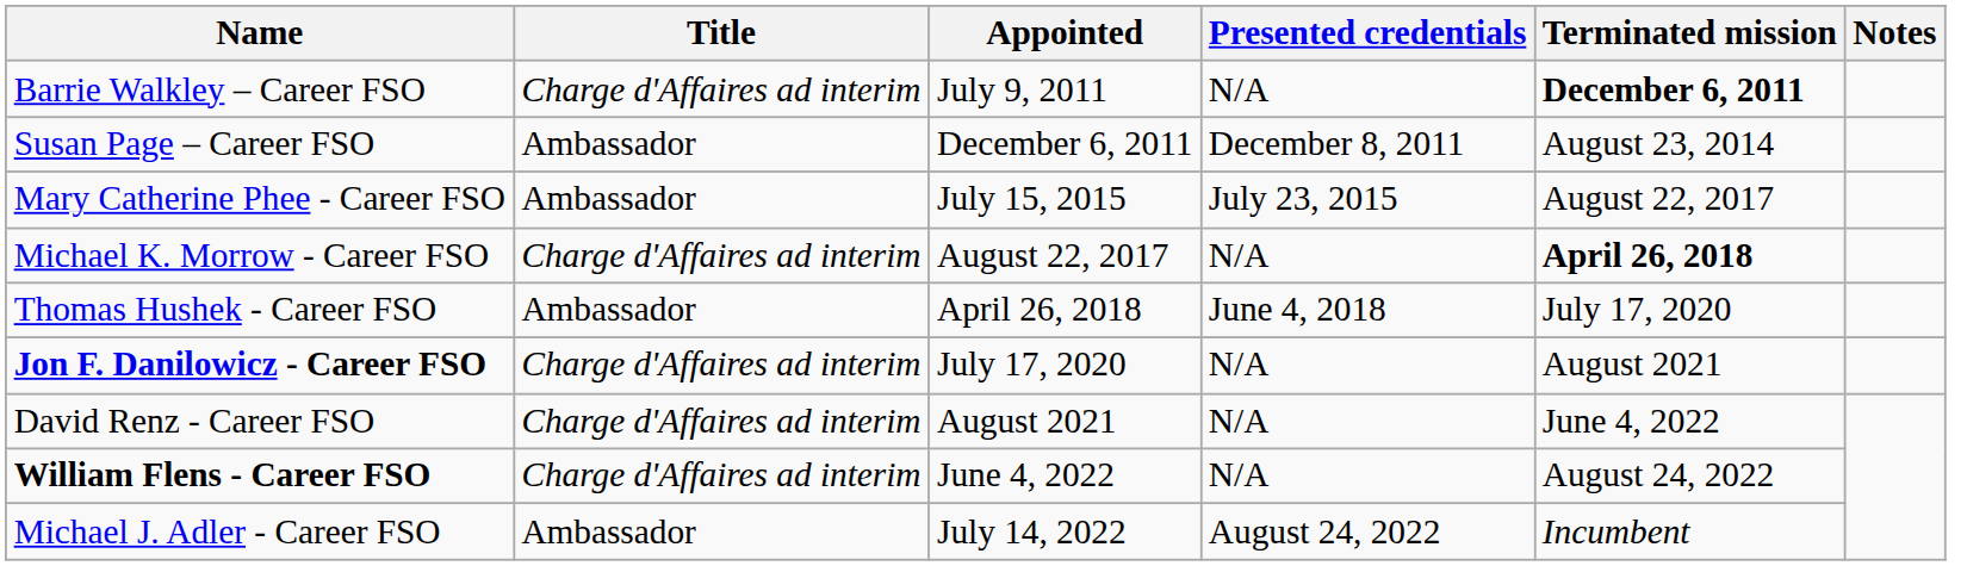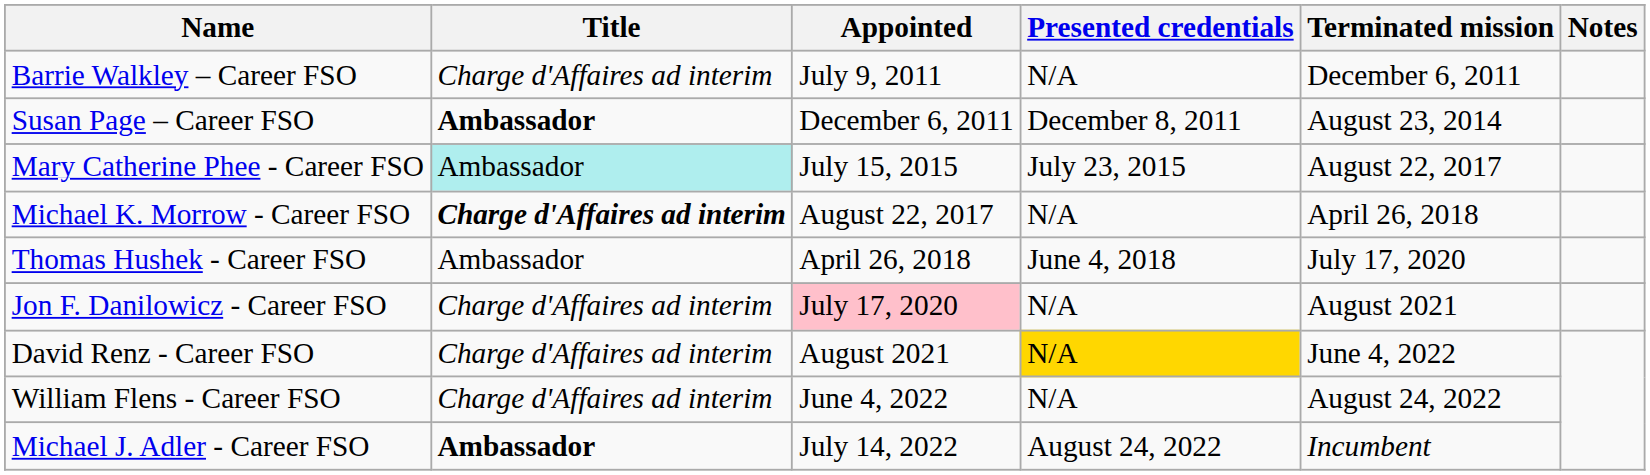 <table class="wikitable">
 <tr>
 <th>Name</th>
 <th>Title</th>
 <th>Appointed</th>
 <th><a href='#'>Presented credentials</a></th>
 <th>Terminated mission</th>
 <th>Notes</th>
 </tr>
 <tr>
 <td><a href='#'>Barrie Walkley</a> – Career FSO</td>
 <td><em>Charge d'Affaires ad interim</em></td>
 <td>July 9, 2011</td>
 <td>N/A</td>
-<td><strong>December 6, 2011</strong></td>
+<td>December 6, 2011</td>
 <td></td>
 </tr>
 <tr>
 <td><a href='#'>Susan Page</a> – Career FSO</td>
-<td>Ambassador</td>
+<td><strong>Ambassador</strong></td>
 <td>December 6, 2011</td>
 <td>December 8, 2011</td>
 <td>August 23, 2014</td>
 <td></td>
 </tr>
 <tr>
 <td><a href='#'>Mary Catherine Phee</a> - Career FSO</td>
-<td>Ambassador</td>
+<td style="background: paleturquoise;">Ambassador</td>
 <td>July 15, 2015</td>
 <td>July 23, 2015</td>
 <td>August 22, 2017</td>
 <td></td>
 </tr>
 <tr>
 <td><a href='#'>Michael K. Morrow</a> - Career FSO</td>
-<td><em>Charge d'Affaires ad interim</em></td>
+<td><strong><em>Charge d'Affaires ad interim</em></strong></td>
 <td>August 22, 2017</td>
 <td>N/A</td>
-<td><strong>April 26, 2018</strong></td>
+<td>April 26, 2018</td>
 <td></td>
 </tr>
 <tr>
 <td><a href='#'>Thomas Hushek</a> - Career FSO</td>
 <td>Ambassador</td>
 <td>April 26, 2018</td>
 <td>June 4, 2018</td>
 <td>July 17, 2020</td>
 <td></td>
 </tr>
 <tr>
-<td><strong><a href='#'>Jon F. Danilowicz</a> - Career FSO</strong></td>
+<td><a href='#'>Jon F. Danilowicz</a> - Career FSO</td>
 <td><em>Charge d'Affaires ad interim</em></td>
-<td>July 17, 2020</td>
+<td style="background: pink;">July 17, 2020</td>
 <td>N/A</td>
 <td>August 2021</td>
 <td></td>
 </tr>
 <tr>
 <td>David Renz - Career FSO</td>
 <td><em>Charge d'Affaires ad interim</em></td>
 <td>August 2021</td>
-<td>N/A</td>
+<td style="background: gold;">N/A</td>
 <td>June 4, 2022</td>
 </tr>
 <tr>
-<td><strong>William Flens - Career FSO</strong></td>
+<td>William Flens - Career FSO</td>
 <td><em>Charge d'Affaires ad interim</em></td>
 <td>June 4, 2022</td>
 <td>N/A</td>
 <td>August 24, 2022</td>
 </tr>
 <tr>
 <td><a href='#'>Michael J. Adler</a> - Career FSO</td>
-<td>Ambassador</td>
+<td><strong>Ambassador</strong></td>
 <td>July 14, 2022</td>
 <td>August 24, 2022</td>
 <td><em>Incumbent</em></td>
 </tr>
 </table>
